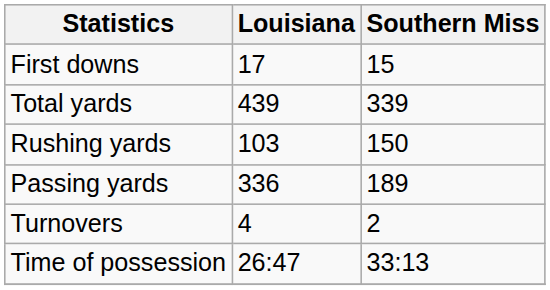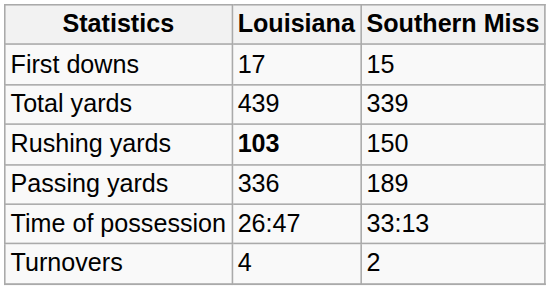 <table class="wikitable">
 <tr>
 <th>Statistics</th>
 <th>Louisiana</th>
 <th>Southern Miss</th>
 </tr>
 <tr>
 <td>First downs</td>
 <td>17</td>
 <td>15</td>
 </tr>
 <tr>
 <td>Total yards</td>
 <td>439</td>
 <td>339</td>
 </tr>
 <tr>
 <td>Rushing yards</td>
-<td>103</td>
+<td><strong>103</strong></td>
 <td>150</td>
 </tr>
 <tr>
 <td>Passing yards</td>
 <td>336</td>
 <td>189</td>
 </tr>
 <tr>
+<td>Time of possession</td>
+<td>26:47</td>
+<td>33:13</td>
+</tr>
+<tr>
 <td>Turnovers</td>
 <td>4</td>
 <td>2</td>
 </tr>
 <tr>
-<td>Time of possession</td>
-<td>26:47</td>
-<td>33:13</td>
-</tr>
-<tr>
 </tr>
 </table>
